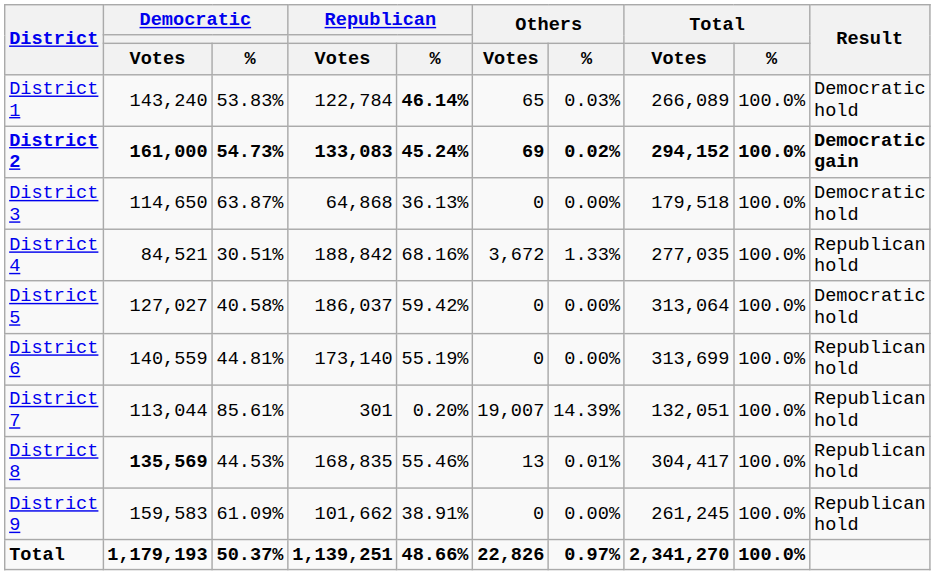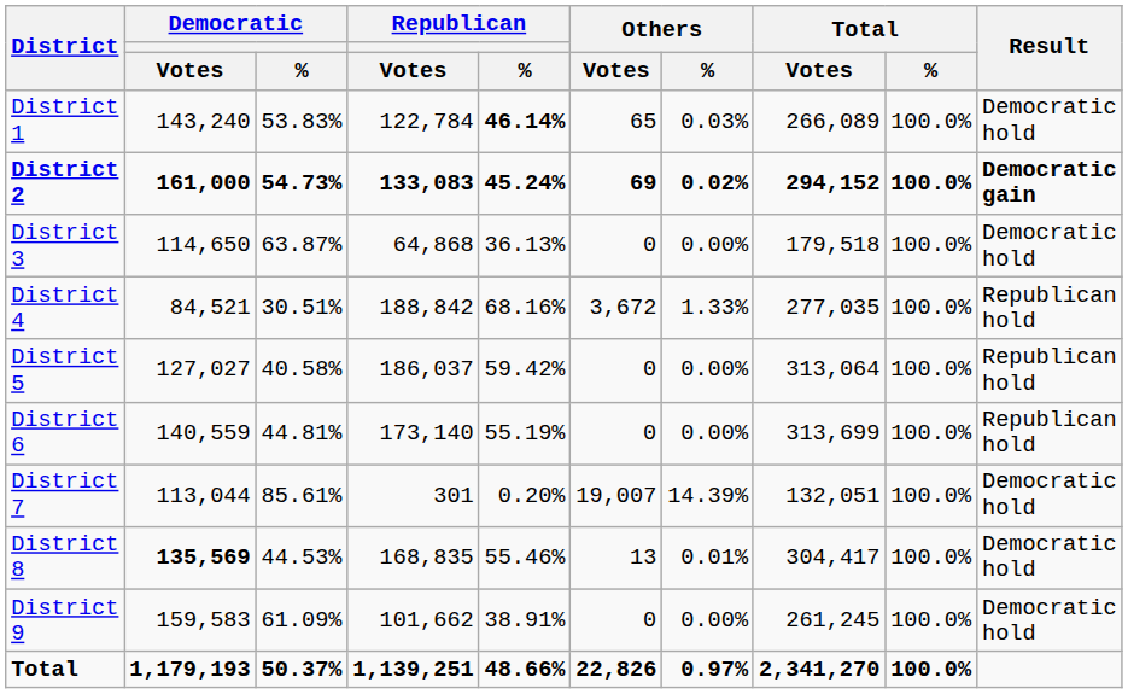 <table class="wikitable plainrowheaders sortable" style="font-size:100%; text-align:right">
 <tr>
 <th scope=col rowspan=3><a href='#'>District</a></th>
 <th scope=col colspan=2><a href='#'>Democratic</a></th>
 <th scope=col colspan=2><a href='#'>Republican</a></th>
 <th scope=col colspan=2 rowspan=2>Others</th>
 <th scope=col colspan=2 rowspan=2>Total</th>
 <th scope=col rowspan=3>Result</th>
 </tr>
 <tr>
 <th scope=col colspan=2 style="background:"></th>
 <th scope=col colspan=2 style="background:"></th>
 </tr>
 <tr>
 <th scope=col data-sort-type="number">Votes</th>
 <th scope=col data-sort-type="number">%</th>
 <th scope=col data-sort-type="number">Votes</th>
 <th scope=col data-sort-type="number">%</th>
 <th scope=col data-sort-type="number">Votes</th>
 <th scope=col data-sort-type="number">%</th>
 <th scope=col data-sort-type="number">Votes</th>
 <th scope=col data-sort-type="number">%</th>
 </tr>
 <tr>
 <td align=left><a href='#'>District 1</a></td>
 <td>143,240</td>
 <td>53.83%</td>
 <td>122,784</td>
 <td><strong>46.14%</strong></td>
 <td>65</td>
 <td>0.03%</td>
 <td>266,089</td>
 <td>100.0%</td>
 <td align=left>Democratic hold</td>
 </tr>
 <tr>
 <td align=left><strong><a href='#'>District 2</a></strong></td>
 <td><strong>161,000</strong></td>
 <td><strong>54.73%</strong></td>
 <td><strong>133,083</strong></td>
 <td><strong>45.24%</strong></td>
 <td><strong>69</strong></td>
 <td><strong>0.02%</strong></td>
 <td><strong>294,152</strong></td>
 <td><strong>100.0%</strong></td>
 <td align=left><strong>Democratic gain</strong></td>
 </tr>
 <tr>
 <td align=left><a href='#'>District 3</a></td>
 <td>114,650</td>
 <td>63.87%</td>
 <td>64,868</td>
 <td>36.13%</td>
 <td>0</td>
 <td>0.00%</td>
 <td>179,518</td>
 <td>100.0%</td>
 <td align=left>Democratic hold</td>
 </tr>
 <tr>
 <td align=left><a href='#'>District 4</a></td>
 <td>84,521</td>
 <td>30.51%</td>
 <td>188,842</td>
 <td>68.16%</td>
 <td>3,672</td>
 <td>1.33%</td>
 <td>277,035</td>
 <td>100.0%</td>
 <td align=left>Republican hold</td>
 </tr>
 <tr>
 <td align=left><a href='#'>District 5</a></td>
 <td>127,027</td>
 <td>40.58%</td>
 <td>186,037</td>
 <td>59.42%</td>
 <td>0</td>
 <td>0.00%</td>
 <td>313,064</td>
 <td>100.0%</td>
-<td align=left>Democratic hold</td>
+<td align=left>Republican hold</td>
 </tr>
 <tr>
 <td align=left><a href='#'>District 6</a></td>
 <td>140,559</td>
 <td>44.81%</td>
 <td>173,140</td>
 <td>55.19%</td>
 <td>0</td>
 <td>0.00%</td>
 <td>313,699</td>
 <td>100.0%</td>
 <td align=left>Republican hold</td>
 </tr>
 <tr>
 <td align=left><a href='#'>District 7</a></td>
 <td>113,044</td>
 <td>85.61%</td>
 <td>301</td>
 <td>0.20%</td>
 <td>19,007</td>
 <td>14.39%</td>
 <td>132,051</td>
 <td>100.0%</td>
-<td align=left>Republican hold</td>
+<td align=left>Democratic hold</td>
 </tr>
 <tr>
 <td align=left><a href='#'>District 8</a></td>
 <td><strong>135,569</strong></td>
 <td>44.53%</td>
 <td>168,835</td>
 <td>55.46%</td>
 <td>13</td>
 <td>0.01%</td>
 <td>304,417</td>
 <td>100.0%</td>
-<td align=left>Republican hold</td>
+<td align=left>Democratic hold</td>
 </tr>
 <tr>
 <td align=left><a href='#'>District 9</a></td>
 <td>159,583</td>
 <td>61.09%</td>
 <td>101,662</td>
 <td>38.91%</td>
 <td>0</td>
 <td>0.00%</td>
 <td>261,245</td>
 <td>100.0%</td>
-<td align=left>Republican hold</td>
+<td align=left>Democratic hold</td>
 </tr>
 <tr class="sortbottom" style="font-weight:bold">
 <td align=left>Total</td>
 <td>1,179,193</td>
 <td>50.37%</td>
 <td>1,139,251</td>
 <td>48.66%</td>
 <td>22,826</td>
 <td>0.97%</td>
 <td>2,341,270</td>
 <td>100.0%</td>
 <td></td>
 </tr>
 </table>
